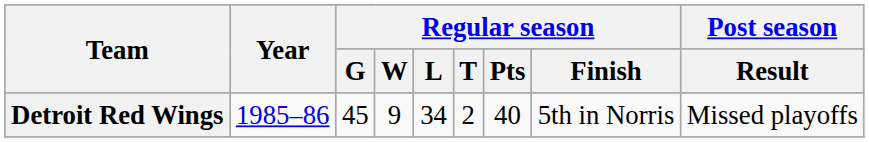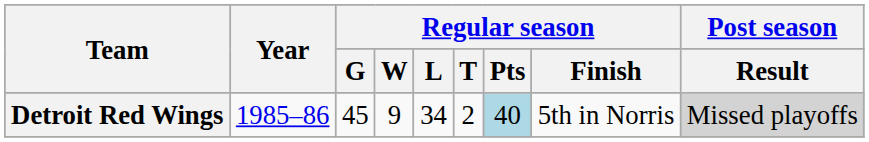 <table class="wikitable" style="font-size: 95%; text-align:center;">
 <tr>
 <th rowspan=2>Team</th>
 <th rowspan=2>Year</th>
 <th colspan=6><a href='#'>Regular season</a></th>
 <th colspan=1><a href='#'>Post season</a></th>
 </tr>
 <tr>
 <th>G</th>
 <th>W</th>
 <th>L</th>
 <th>T</th>
 <th>Pts</th>
 <th>Finish</th>
 <th>Result</th>
 </tr>
 <tr>
 <th>Detroit Red Wings</th>
 <td><a href='#'>1985–86</a></td>
 <td>45</td>
 <td>9</td>
 <td>34</td>
 <td>2</td>
-<td>40</td>
+<td style="background: lightblue;">40</td>
 <td>5th in Norris</td>
-<td>Missed playoffs</td>
+<td style="background: lightgrey;">Missed playoffs</td>
 </tr>
 </table>
